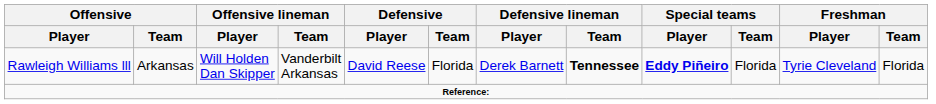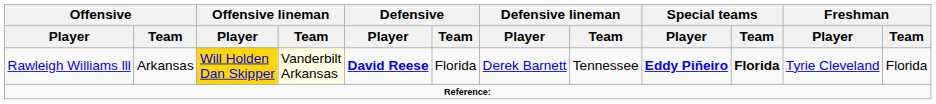 <table class="wikitable">
 <tr>
 <th colspan="2">Offensive</th>
 <th colspan="2">Offensive lineman</th>
 <th colspan="2">Defensive</th>
 <th colspan="2">Defensive lineman</th>
 <th colspan="2">Special teams</th>
 <th colspan="2">Freshman</th>
 </tr>
 <tr>
 <th>Player</th>
 <th>Team</th>
 <th>Player</th>
 <th>Team</th>
 <th>Player</th>
 <th>Team</th>
 <th>Player</th>
 <th>Team</th>
 <th>Player</th>
 <th>Team</th>
 <th>Player</th>
 <th>Team</th>
 </tr>
 <tr>
 <td><a href='#'>Rawleigh Williams lll</a></td>
 <td>Arkansas</td>
-<td><a href='#'>Will Holden</a><br><a href='#'>Dan Skipper</a></td>
-<td>Vanderbilt<br>Arkansas</td>
-<td><a href='#'>David Reese</a></td>
+<td style="background: gold;"><a href='#'>Will Holden</a><br><a href='#'>Dan Skipper</a></td>
+<td style="background: lightyellow;">Vanderbilt<br>Arkansas</td>
+<td><strong><a href='#'>David Reese</a></strong></td>
 <td>Florida</td>
 <td><a href='#'>Derek Barnett</a></td>
-<td><strong>Tennessee</strong></td>
+<td>Tennessee</td>
 <td><strong><a href='#'>Eddy Piñeiro</a></strong></td>
-<td>Florida</td>
+<td><strong>Florida</strong></td>
 <td><a href='#'>Tyrie Cleveland</a></td>
 <td>Florida</td>
 </tr>
 <tr>
 <td colspan="12"  style="font-size:8pt; text-align:center;"><strong>Reference:</strong></td>
 </tr>
 </table>
